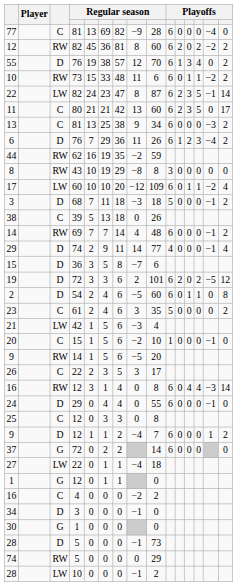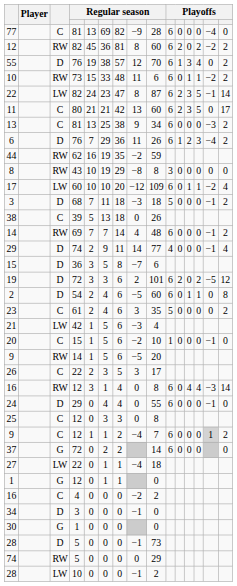 <table class="wikitable sortable plainrowheaders" style="text-align:center;">
 <tr>
 <th scope="col" data-sort-type="number" rowspan="2"></th>
 <th scope="col" rowspan="2">Player</th>
 <th scope="col" rowspan="2"></th>
 <th scope=colgroup colspan=6>Regular season</th>
 <th scope=colgroup colspan=6>Playoffs</th>
 </tr>
 <tr>
 <th scope="col" data-sort-type="number"></th>
 <th scope="col" data-sort-type="number"></th>
 <th scope="col" data-sort-type="number"></th>
 <th scope="col" data-sort-type="number"></th>
 <th scope="col" data-sort-type="number"></th>
 <th scope="col" data-sort-type="number"></th>
 <th scope="col" data-sort-type="number"></th>
 <th scope="col" data-sort-type="number"></th>
 <th scope="col" data-sort-type="number"></th>
 <th scope="col" data-sort-type="number"></th>
 <th scope="col" data-sort-type="number"></th>
 <th scope="col" data-sort-type="number"></th>
 </tr>
 <tr>
 <td scope="row">77</td>
 <td align="left"></td>
 <td>C</td>
 <td>81</td>
 <td>13</td>
 <td>69</td>
 <td>82</td>
 <td>−9</td>
 <td>28</td>
 <td>6</td>
 <td>0</td>
 <td>0</td>
 <td>0</td>
 <td>−4</td>
 <td>0</td>
 </tr>
 <tr>
 <td scope="row">12</td>
 <td align="left"></td>
 <td>RW</td>
 <td>82</td>
 <td>45</td>
 <td>36</td>
 <td>81</td>
 <td>8</td>
 <td>60</td>
 <td>6</td>
 <td>2</td>
 <td>0</td>
 <td>2</td>
 <td>−2</td>
 <td>2</td>
 </tr>
 <tr>
 <td scope="row">55</td>
 <td align="left"></td>
 <td>D</td>
 <td>76</td>
 <td>19</td>
 <td>38</td>
 <td>57</td>
 <td>12</td>
 <td>70</td>
 <td>6</td>
 <td>1</td>
 <td>3</td>
 <td>4</td>
 <td>0</td>
 <td>2</td>
 </tr>
 <tr>
 <td scope="row">10</td>
 <td align="left"></td>
 <td>RW</td>
 <td>73</td>
 <td>15</td>
 <td>33</td>
 <td>48</td>
 <td>11</td>
 <td>6</td>
 <td>6</td>
 <td>0</td>
 <td>1</td>
 <td>1</td>
 <td>−2</td>
 <td>2</td>
 </tr>
 <tr>
 <td scope="row">22</td>
 <td align="left"></td>
 <td>LW</td>
 <td>82</td>
 <td>24</td>
 <td>23</td>
 <td>47</td>
 <td>8</td>
 <td>87</td>
 <td>6</td>
 <td>2</td>
 <td>3</td>
 <td>5</td>
 <td>−1</td>
 <td>14</td>
 </tr>
 <tr>
 <td scope="row">11</td>
 <td align="left"></td>
 <td>C</td>
 <td>80</td>
 <td>21</td>
 <td>21</td>
 <td>42</td>
 <td>13</td>
 <td>60</td>
 <td>6</td>
 <td>2</td>
 <td>3</td>
 <td>5</td>
 <td>0</td>
 <td>17</td>
 </tr>
 <tr>
 <td scope="row">13</td>
 <td align="left"></td>
 <td>C</td>
 <td>81</td>
 <td>13</td>
 <td>25</td>
 <td>38</td>
 <td>9</td>
 <td>34</td>
 <td>6</td>
 <td>0</td>
 <td>0</td>
 <td>0</td>
 <td>−3</td>
 <td>2</td>
 </tr>
 <tr>
 <td scope="row">6</td>
 <td align="left"></td>
 <td>D</td>
 <td>76</td>
 <td>7</td>
 <td>29</td>
 <td>36</td>
 <td>11</td>
 <td>26</td>
 <td>6</td>
 <td>1</td>
 <td>2</td>
 <td>3</td>
 <td>−4</td>
 <td>2</td>
 </tr>
 <tr>
 <td scope="row">44</td>
 <td align="left"></td>
 <td>RW</td>
 <td>62</td>
 <td>16</td>
 <td>19</td>
 <td>35</td>
 <td>−2</td>
 <td>59</td>
 <td></td>
 <td></td>
 <td></td>
 <td></td>
 <td></td>
 <td></td>
 </tr>
 <tr>
 <td scope="row">8</td>
 <td align="left"></td>
 <td>RW</td>
 <td>43</td>
 <td>10</td>
 <td>19</td>
 <td>29</td>
 <td>−8</td>
 <td>8</td>
 <td>3</td>
 <td>0</td>
 <td>0</td>
 <td>0</td>
 <td>0</td>
 <td>0</td>
 </tr>
 <tr>
 <td scope="row">17</td>
 <td align="left"></td>
 <td>LW</td>
 <td>60</td>
 <td>10</td>
 <td>10</td>
 <td>20</td>
 <td>−12</td>
 <td>109</td>
 <td>6</td>
 <td>0</td>
 <td>1</td>
 <td>1</td>
 <td>−2</td>
 <td>4</td>
 </tr>
 <tr>
 <td scope="row">3</td>
 <td align="left"></td>
 <td>D</td>
 <td>68</td>
 <td>7</td>
 <td>11</td>
 <td>18</td>
 <td>−3</td>
 <td>18</td>
 <td>5</td>
 <td>0</td>
 <td>0</td>
 <td>0</td>
 <td>−1</td>
 <td>2</td>
 </tr>
 <tr>
 <td scope="row">38</td>
 <td align="left"></td>
 <td>C</td>
 <td>39</td>
 <td>5</td>
 <td>13</td>
 <td>18</td>
 <td>0</td>
 <td>26</td>
 <td></td>
 <td></td>
 <td></td>
 <td></td>
 <td></td>
 <td></td>
 </tr>
 <tr>
 <td scope="row">14</td>
 <td align="left"></td>
 <td>RW</td>
 <td>69</td>
 <td>7</td>
 <td>7</td>
 <td>14</td>
 <td>4</td>
 <td>48</td>
 <td>6</td>
 <td>0</td>
 <td>0</td>
 <td>0</td>
 <td>−1</td>
 <td>2</td>
 </tr>
 <tr>
 <td scope="row">29</td>
 <td align="left"></td>
 <td>D</td>
 <td>74</td>
 <td>2</td>
 <td>9</td>
 <td>11</td>
 <td>14</td>
 <td>77</td>
 <td>4</td>
 <td>0</td>
 <td>0</td>
 <td>0</td>
 <td>−1</td>
 <td>4</td>
 </tr>
 <tr>
 <td scope="row">15</td>
 <td align="left"></td>
 <td>D</td>
 <td>36</td>
 <td>3</td>
 <td>5</td>
 <td>8</td>
 <td>−7</td>
 <td>6</td>
 <td></td>
 <td></td>
 <td></td>
 <td></td>
 <td></td>
 <td></td>
 </tr>
 <tr>
 <td scope="row">19</td>
 <td align="left"></td>
 <td>D</td>
 <td>72</td>
 <td>3</td>
 <td>3</td>
 <td>6</td>
 <td>2</td>
 <td>101</td>
 <td>6</td>
 <td>2</td>
 <td>0</td>
 <td>2</td>
 <td>−5</td>
 <td>12</td>
 </tr>
 <tr>
 <td scope="row">2</td>
 <td align="left"></td>
 <td>D</td>
 <td>54</td>
 <td>2</td>
 <td>4</td>
 <td>6</td>
 <td>−5</td>
 <td>60</td>
 <td>6</td>
 <td>0</td>
 <td>1</td>
 <td>1</td>
 <td>0</td>
 <td>8</td>
 </tr>
 <tr>
 <td scope="row">23</td>
 <td align="left"></td>
 <td>C</td>
 <td>61</td>
 <td>2</td>
 <td>4</td>
 <td>6</td>
 <td>3</td>
 <td>35</td>
 <td>5</td>
 <td>0</td>
 <td>0</td>
 <td>0</td>
 <td>0</td>
 <td>2</td>
 </tr>
 <tr>
 <td scope="row">21</td>
 <td align="left"></td>
 <td>LW</td>
 <td>42</td>
 <td>1</td>
 <td>5</td>
 <td>6</td>
 <td>−3</td>
 <td>4</td>
 <td></td>
 <td></td>
 <td></td>
 <td></td>
 <td></td>
 <td></td>
 </tr>
 <tr>
 <td scope="row">20</td>
 <td align="left"></td>
 <td>C</td>
 <td>15</td>
 <td>1</td>
 <td>5</td>
 <td>6</td>
 <td>−2</td>
 <td>10</td>
 <td>1</td>
 <td>0</td>
 <td>0</td>
 <td>0</td>
 <td>−1</td>
 <td>0</td>
 </tr>
 <tr>
 <td scope="row">9</td>
 <td align="left"></td>
 <td>RW</td>
 <td>14</td>
 <td>1</td>
 <td>5</td>
 <td>6</td>
 <td>−5</td>
 <td>20</td>
 <td></td>
 <td></td>
 <td></td>
 <td></td>
 <td></td>
 <td></td>
 </tr>
 <tr>
 <td scope="row">26</td>
 <td align="left"></td>
 <td>C</td>
 <td>22</td>
 <td>2</td>
 <td>3</td>
 <td>5</td>
 <td>3</td>
 <td>17</td>
 <td></td>
 <td></td>
 <td></td>
 <td></td>
 <td></td>
 <td></td>
 </tr>
 <tr>
 <td scope="row">16</td>
 <td align="left"></td>
 <td>RW</td>
 <td>12</td>
 <td>3</td>
 <td>1</td>
 <td>4</td>
 <td>0</td>
 <td>8</td>
 <td>6</td>
 <td>0</td>
 <td>4</td>
 <td>4</td>
 <td>−3</td>
 <td>14</td>
 </tr>
 <tr>
 <td scope="row">24</td>
 <td align="left"></td>
 <td>D</td>
 <td>29</td>
 <td>0</td>
 <td>4</td>
 <td>4</td>
 <td>0</td>
 <td>55</td>
 <td>6</td>
 <td>0</td>
 <td>0</td>
 <td>0</td>
 <td>−1</td>
 <td>0</td>
 </tr>
 <tr>
 <td scope="row">25</td>
 <td align="left"></td>
 <td>C</td>
 <td>12</td>
 <td>0</td>
 <td>3</td>
 <td>3</td>
 <td>0</td>
 <td>8</td>
 <td></td>
 <td></td>
 <td></td>
 <td></td>
 <td></td>
 <td></td>
 </tr>
 <tr>
 <td scope="row">9</td>
 <td align="left"></td>
-<td>D</td>
+<td>C</td>
 <td>12</td>
 <td>1</td>
 <td>1</td>
 <td>2</td>
 <td>−4</td>
 <td>7</td>
 <td>6</td>
 <td>0</td>
 <td>0</td>
 <td>0</td>
-<td>1</td>
+<td style="background: lightgrey;">1</td>
 <td>2</td>
 </tr>
 <tr>
 <td scope="row">37</td>
 <td align="left"></td>
 <td>G</td>
 <td>72</td>
 <td>0</td>
 <td>2</td>
 <td>2</td>
 <td style="background:#ccc"></td>
 <td>14</td>
 <td>6</td>
 <td>0</td>
 <td>0</td>
 <td>0</td>
 <td style="background:#ccc"></td>
 <td>0</td>
 </tr>
 <tr>
 <td scope="row">27</td>
 <td align="left"></td>
 <td>LW</td>
 <td>22</td>
 <td>0</td>
 <td>1</td>
 <td>1</td>
 <td>−4</td>
 <td>18</td>
 <td></td>
 <td></td>
 <td></td>
 <td></td>
 <td></td>
 <td></td>
 </tr>
 <tr>
 <td scope="row">1</td>
 <td align="left"></td>
 <td>G</td>
 <td>12</td>
 <td>0</td>
 <td>1</td>
 <td>1</td>
 <td style="background:#ccc"></td>
 <td>0</td>
 <td></td>
 <td></td>
 <td></td>
 <td></td>
 <td></td>
 <td></td>
 </tr>
 <tr>
 <td scope="row">16</td>
 <td align="left"></td>
 <td>C</td>
 <td>4</td>
 <td>0</td>
 <td>0</td>
 <td>0</td>
 <td>−2</td>
 <td>2</td>
 <td></td>
 <td></td>
 <td></td>
 <td></td>
 <td></td>
 <td></td>
 </tr>
 <tr>
 <td scope="row">34</td>
 <td align="left"></td>
 <td>D</td>
 <td>3</td>
 <td>0</td>
 <td>0</td>
 <td>0</td>
 <td>−1</td>
 <td>0</td>
 <td></td>
 <td></td>
 <td></td>
 <td></td>
 <td></td>
 <td></td>
 </tr>
 <tr>
 <td scope="row">30</td>
 <td align="left"></td>
 <td>G</td>
 <td>1</td>
 <td>0</td>
 <td>0</td>
 <td>0</td>
 <td style="background:#ccc"></td>
 <td>0</td>
 <td></td>
 <td></td>
 <td></td>
 <td></td>
 <td></td>
 <td></td>
 </tr>
 <tr>
 <td scope="row">28</td>
 <td align="left"></td>
 <td>D</td>
 <td>5</td>
 <td>0</td>
 <td>0</td>
 <td>0</td>
 <td>−1</td>
 <td>73</td>
 <td></td>
 <td></td>
 <td></td>
 <td></td>
 <td></td>
 <td></td>
 </tr>
 <tr>
 <td scope="row">74</td>
 <td align="left"></td>
 <td>RW</td>
 <td>5</td>
 <td>0</td>
 <td>0</td>
 <td>0</td>
 <td>0</td>
 <td>29</td>
 <td></td>
 <td></td>
 <td></td>
 <td></td>
 <td></td>
 <td></td>
 </tr>
 <tr>
 <td scope="row">28</td>
 <td align="left"></td>
 <td>LW</td>
 <td>10</td>
 <td>0</td>
 <td>0</td>
 <td>0</td>
 <td>−1</td>
 <td>2</td>
 <td></td>
 <td></td>
 <td></td>
 <td></td>
 <td></td>
 <td></td>
 </tr>
 </table>
